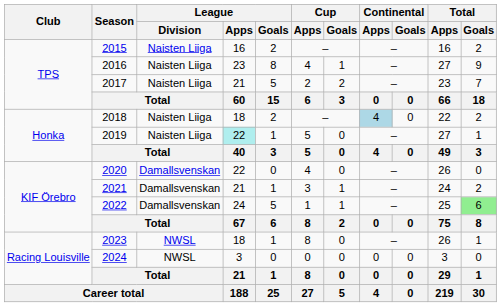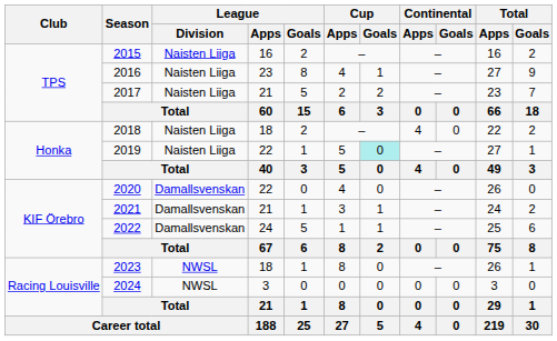 <table class="wikitable" style="text-align:center">
 <tr>
 <th rowspan="2">Club</th>
 <th rowspan="2">Season</th>
 <th colspan="3">League</th>
 <th colspan="2">Cup</th>
 <th colspan="2">Continental</th>
 <th colspan="2">Total</th>
 </tr>
 <tr>
 <th>Division</th>
 <th>Apps</th>
 <th>Goals</th>
 <th>Apps</th>
 <th>Goals</th>
 <th>Apps</th>
 <th>Goals</th>
 <th>Apps</th>
 <th>Goals</th>
 </tr>
 <tr>
 <td rowspan=4><a href='#'>TPS</a></td>
 <td><a href='#'>2015</a></td>
 <td><a href='#'>Naisten Liiga</a></td>
 <td>16</td>
 <td>2</td>
 <td colspan=2>–</td>
 <td colspan=2>–</td>
 <td>16</td>
 <td>2</td>
 </tr>
 <tr>
 <td>2016</td>
 <td>Naisten Liiga</td>
 <td>23</td>
 <td>8</td>
 <td>4</td>
 <td>1</td>
 <td colspan=2>–</td>
 <td>27</td>
 <td>9</td>
 </tr>
 <tr>
 <td>2017</td>
 <td>Naisten Liiga</td>
 <td>21</td>
 <td>5</td>
 <td>2</td>
 <td>2</td>
 <td colspan=2>–</td>
 <td>23</td>
 <td>7</td>
 </tr>
 <tr>
 <th colspan=2>Total</th>
 <th>60</th>
 <th>15</th>
 <th>6</th>
 <th>3</th>
 <th>0</th>
 <th>0</th>
 <th>66</th>
 <th>18</th>
 </tr>
 <tr>
 <td rowspan=3><a href='#'>Honka</a></td>
 <td>2018</td>
 <td>Naisten Liiga</td>
 <td>18</td>
 <td>2</td>
 <td colspan=2>–</td>
-<td style="background: lightblue;">4</td>
+<td>4</td>
 <td>0</td>
 <td>22</td>
 <td>2</td>
 </tr>
 <tr>
 <td>2019</td>
 <td>Naisten Liiga</td>
-<td style="background: paleturquoise;">22</td>
+<td>22</td>
 <td>1</td>
 <td>5</td>
-<td>0</td>
+<td style="background: paleturquoise;">0</td>
 <td colspan=2>–</td>
 <td>27</td>
 <td>1</td>
 </tr>
 <tr>
 <th colspan=2>Total</th>
 <th>40</th>
 <th>3</th>
 <th>5</th>
 <th>0</th>
 <th>4</th>
 <th>0</th>
 <th>49</th>
 <th>3</th>
 </tr>
 <tr>
 <td rowspan=4><a href='#'>KIF Örebro</a></td>
 <td><a href='#'>2020</a></td>
 <td><a href='#'>Damallsvenskan</a></td>
 <td>22</td>
 <td>0</td>
 <td>4</td>
 <td>0</td>
 <td colspan=2>–</td>
 <td>26</td>
 <td>0</td>
 </tr>
 <tr>
 <td><a href='#'>2021</a></td>
 <td>Damallsvenskan</td>
 <td>21</td>
 <td>1</td>
 <td>3</td>
 <td>1</td>
 <td colspan=2>–</td>
 <td>24</td>
 <td>2</td>
 </tr>
 <tr>
 <td><a href='#'>2022</a></td>
 <td>Damallsvenskan</td>
 <td>24</td>
 <td>5</td>
 <td>1</td>
 <td>1</td>
 <td colspan=2>–</td>
 <td>25</td>
-<td style="background: lightgreen;">6</td>
+<td>6</td>
 </tr>
 <tr>
 <th colspan=2>Total</th>
 <th>67</th>
 <th>6</th>
 <th>8</th>
 <th>2</th>
 <th>0</th>
 <th>0</th>
 <th>75</th>
 <th>8</th>
 </tr>
 <tr>
 <td rowspan=3><a href='#'>Racing Louisville</a></td>
 <td><a href='#'>2023</a></td>
 <td><a href='#'>NWSL</a></td>
 <td>18</td>
 <td>1</td>
 <td>8</td>
 <td>0</td>
 <td colspan=2>–</td>
 <td>26</td>
 <td>1</td>
 </tr>
 <tr>
 <td><a href='#'>2024</a></td>
 <td>NWSL</td>
 <td>3</td>
 <td>0</td>
 <td>0</td>
 <td>0</td>
 <td>0</td>
 <td>0</td>
 <td>3</td>
 <td>0</td>
 </tr>
 <tr>
 <th colspan=2>Total</th>
 <th>21</th>
 <th>1</th>
 <th>8</th>
 <th>0</th>
 <th>0</th>
 <th>0</th>
 <th>29</th>
 <th>1</th>
 </tr>
 <tr>
 <th colspan="3">Career total</th>
 <th>188</th>
 <th>25</th>
 <th>27</th>
 <th>5</th>
 <th>4</th>
 <th>0</th>
 <th>219</th>
 <th>30</th>
 </tr>
 </table>
